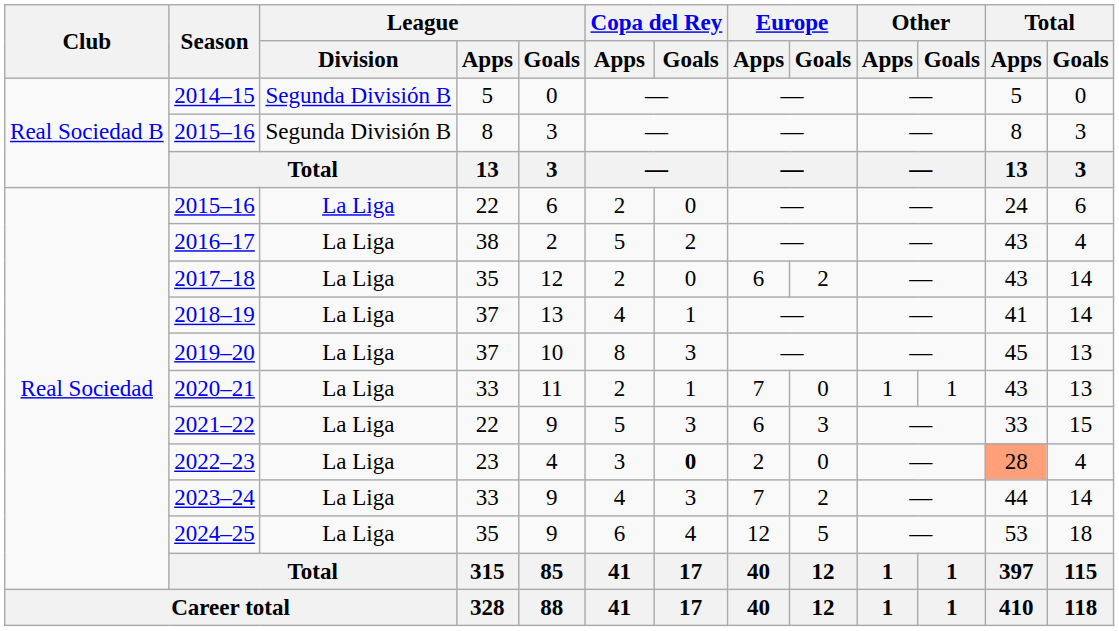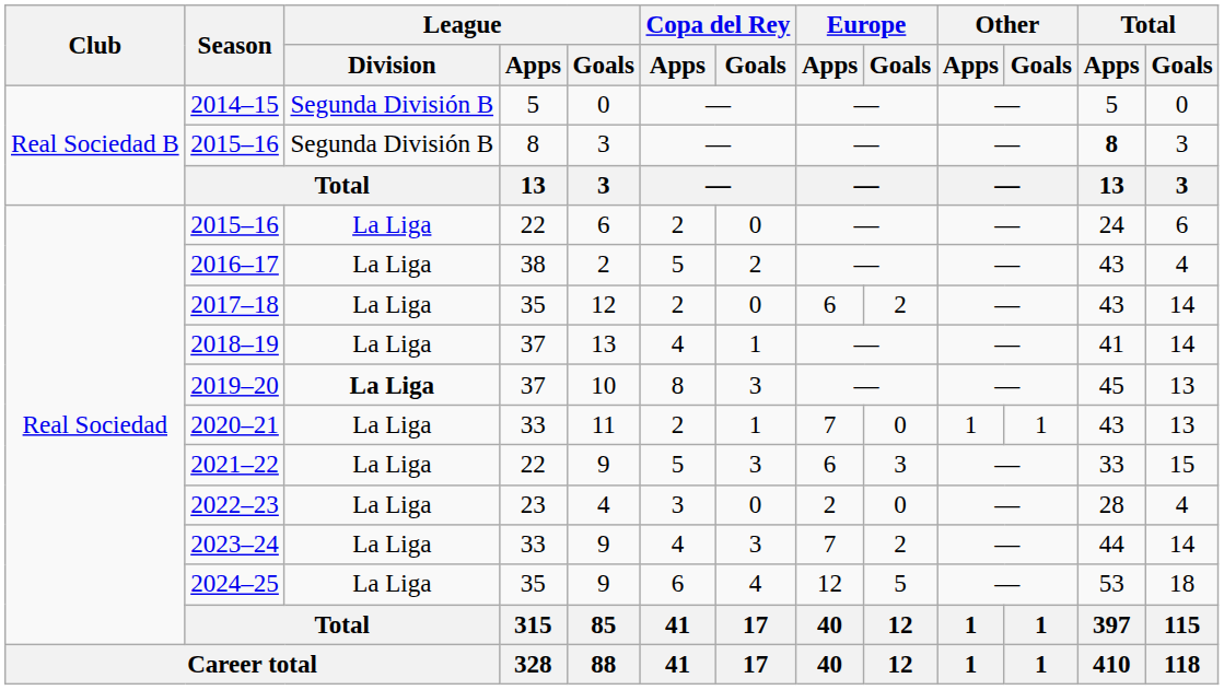 <table class="wikitable" style="text-align: center">
 <tr>
 <th rowspan="2">Club</th>
 <th rowspan="2">Season</th>
 <th colspan="3">League</th>
 <th colspan="2"><a href='#'>Copa del Rey</a></th>
 <th colspan="2"><a href='#'>Europe</a></th>
 <th colspan="2">Other</th>
 <th colspan="2">Total</th>
 </tr>
 <tr>
 <th>Division</th>
 <th>Apps</th>
 <th>Goals</th>
 <th>Apps</th>
 <th>Goals</th>
 <th>Apps</th>
 <th>Goals</th>
 <th>Apps</th>
 <th>Goals</th>
 <th>Apps</th>
 <th>Goals</th>
 </tr>
 <tr>
 <td rowspan="3"><a href='#'>Real Sociedad B</a></td>
 <td><a href='#'>2014–15</a></td>
 <td><a href='#'>Segunda División B</a></td>
 <td>5</td>
 <td>0</td>
 <td colspan="2">—</td>
 <td colspan="2">—</td>
 <td colspan="2">—</td>
 <td>5</td>
 <td>0</td>
 </tr>
 <tr>
 <td><a href='#'>2015–16</a></td>
 <td>Segunda División B</td>
 <td>8</td>
 <td>3</td>
 <td colspan="2">—</td>
 <td colspan="2">—</td>
 <td colspan="2">—</td>
-<td>8</td>
+<td><strong>8</strong></td>
 <td>3</td>
 </tr>
 <tr>
 <th colspan="2">Total</th>
 <th>13</th>
 <th>3</th>
 <th colspan="2">—</th>
 <th colspan="2">—</th>
 <th colspan="2">—</th>
 <th>13</th>
 <th>3</th>
 </tr>
 <tr>
 <td rowspan="11"><a href='#'>Real Sociedad</a></td>
 <td><a href='#'>2015–16</a></td>
 <td><a href='#'>La Liga</a></td>
 <td>22</td>
 <td>6</td>
 <td>2</td>
 <td>0</td>
 <td colspan="2">—</td>
 <td colspan="2">—</td>
 <td>24</td>
 <td>6</td>
 </tr>
 <tr>
 <td><a href='#'>2016–17</a></td>
 <td>La Liga</td>
 <td>38</td>
 <td>2</td>
 <td>5</td>
 <td>2</td>
 <td colspan="2">—</td>
 <td colspan="2">—</td>
 <td>43</td>
 <td>4</td>
 </tr>
 <tr>
 <td><a href='#'>2017–18</a></td>
 <td>La Liga</td>
 <td>35</td>
 <td>12</td>
 <td>2</td>
 <td>0</td>
 <td>6</td>
 <td>2</td>
 <td colspan="2">—</td>
 <td>43</td>
 <td>14</td>
 </tr>
 <tr>
 <td><a href='#'>2018–19</a></td>
 <td>La Liga</td>
 <td>37</td>
 <td>13</td>
 <td>4</td>
 <td>1</td>
 <td colspan="2">—</td>
 <td colspan="2">—</td>
 <td>41</td>
 <td>14</td>
 </tr>
 <tr>
 <td><a href='#'>2019–20</a></td>
-<td>La Liga</td>
+<td><strong>La Liga</strong></td>
 <td>37</td>
 <td>10</td>
 <td>8</td>
 <td>3</td>
 <td colspan="2">—</td>
 <td colspan="2">—</td>
 <td>45</td>
 <td>13</td>
 </tr>
 <tr>
 <td><a href='#'>2020–21</a></td>
 <td>La Liga</td>
 <td>33</td>
 <td>11</td>
 <td>2</td>
 <td>1</td>
 <td>7</td>
 <td>0</td>
 <td>1</td>
 <td>1</td>
 <td>43</td>
 <td>13</td>
 </tr>
 <tr>
 <td><a href='#'>2021–22</a></td>
 <td>La Liga</td>
 <td>22</td>
 <td>9</td>
 <td>5</td>
 <td>3</td>
 <td>6</td>
 <td>3</td>
 <td colspan="2">—</td>
 <td>33</td>
 <td>15</td>
 </tr>
 <tr>
 <td><a href='#'>2022–23</a></td>
 <td>La Liga</td>
 <td>23</td>
 <td>4</td>
 <td>3</td>
-<td><strong>0</strong></td>
+<td>0</td>
 <td>2</td>
 <td>0</td>
 <td colspan="2">—</td>
-<td style="background: lightsalmon;">28</td>
+<td>28</td>
 <td>4</td>
 </tr>
 <tr>
 <td><a href='#'>2023–24</a></td>
 <td>La Liga</td>
 <td>33</td>
 <td>9</td>
 <td>4</td>
 <td>3</td>
 <td>7</td>
 <td>2</td>
 <td colspan="2">—</td>
 <td>44</td>
 <td>14</td>
 </tr>
 <tr>
 <td><a href='#'>2024–25</a></td>
 <td>La Liga</td>
 <td>35</td>
 <td>9</td>
 <td>6</td>
 <td>4</td>
 <td>12</td>
 <td>5</td>
 <td colspan="2">—</td>
 <td>53</td>
 <td>18</td>
 </tr>
 <tr>
 <th colspan="2">Total</th>
 <th>315</th>
 <th>85</th>
 <th>41</th>
 <th>17</th>
 <th>40</th>
 <th>12</th>
 <th>1</th>
 <th>1</th>
 <th>397</th>
 <th>115</th>
 </tr>
 <tr>
 <th colspan="3">Career total</th>
 <th>328</th>
 <th>88</th>
 <th>41</th>
 <th>17</th>
 <th>40</th>
 <th>12</th>
 <th>1</th>
 <th>1</th>
 <th>410</th>
 <th>118</th>
 </tr>
 </table>
